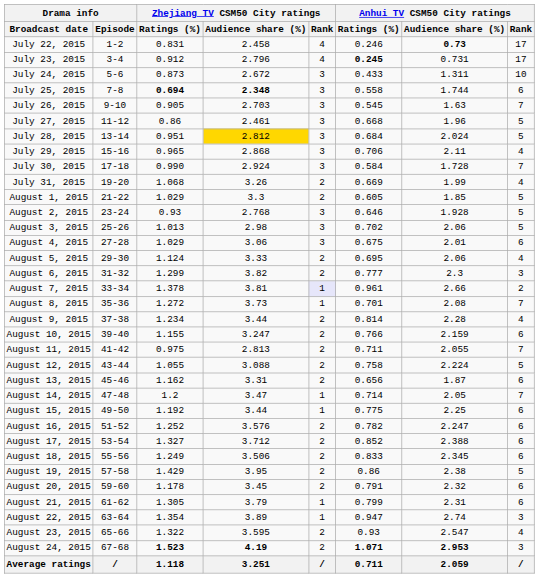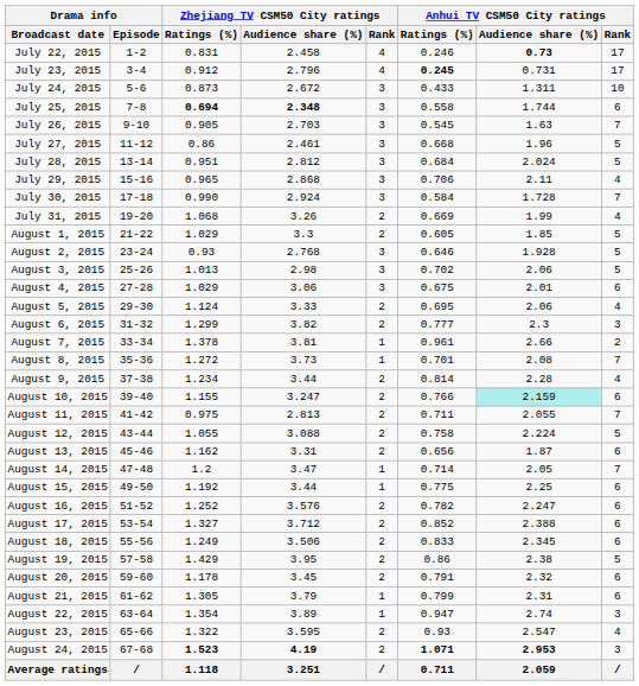 <table class="wikitable sortable mw-collapsible jquery-tablesorter" style="text-align:center">
 <tr>
 <th colspan="2"><strong>Drama info</strong></th>
 <th colspan="3"><strong><a href='#'>Zhejiang TV</a> CSM50 City ratings</strong></th>
 <th colspan="3"><strong><a href='#'>Anhui TV</a> CSM50 City ratings　</strong></th>
 </tr>
 <tr>
 <th><strong>Broadcast date</strong></th>
 <th><strong>Episode</strong></th>
 <th><strong>Ratings (%)</strong></th>
 <th><strong>Audience share (%)</strong></th>
 <th><strong>Rank</strong></th>
 <th><strong>Ratings (%)</strong></th>
 <th><strong>Audience share (%)</strong></th>
 <th><strong>Rank</strong></th>
 </tr>
 <tr>
 <td>July 22, 2015</td>
 <td>1-2</td>
 <td>0.831</td>
 <td>2.458</td>
 <td>4</td>
 <td>0.246</td>
 <td><strong><span>0.73</span></strong></td>
 <td>17</td>
 </tr>
 <tr>
 <td>July 23, 2015</td>
 <td>3-4</td>
 <td>0.912</td>
 <td>2.796</td>
 <td>4</td>
 <td><strong><span>0.245</span></strong></td>
 <td>0.731</td>
 <td>17</td>
 </tr>
 <tr>
 <td>July 24, 2015</td>
 <td>5-6</td>
 <td>0.873</td>
 <td>2.672</td>
 <td>3</td>
 <td>0.433</td>
 <td>1.311</td>
 <td>10</td>
 </tr>
 <tr>
 <td>July 25, 2015</td>
 <td>7-8</td>
 <td><strong><span>0.694</span></strong></td>
 <td><strong><span>2.348</span></strong></td>
 <td>3</td>
 <td>0.558</td>
 <td>1.744</td>
 <td>6</td>
 </tr>
 <tr>
 <td>July 26, 2015</td>
 <td>9-10</td>
 <td>0.905</td>
 <td>2.703</td>
 <td>3</td>
 <td>0.545</td>
 <td>1.63</td>
 <td>7</td>
 </tr>
 <tr>
 <td>July 27, 2015</td>
 <td>11-12</td>
 <td>0.86</td>
 <td>2.461</td>
 <td>3</td>
 <td>0.668</td>
 <td>1.96</td>
 <td>5</td>
 </tr>
 <tr>
 <td>July 28, 2015</td>
 <td>13-14</td>
 <td>0.951</td>
-<td style="background: gold;">2.812</td>
+<td>2.812</td>
 <td>3</td>
 <td>0.684</td>
 <td>2.024</td>
 <td>5</td>
 </tr>
 <tr>
 <td>July 29, 2015</td>
 <td>15-16</td>
 <td>0.965</td>
 <td>2.868</td>
 <td>3</td>
 <td>0.706</td>
 <td>2.11</td>
 <td>4</td>
 </tr>
 <tr>
 <td>July 30, 2015</td>
 <td>17-18</td>
 <td>0.990</td>
 <td>2.924</td>
 <td>3</td>
 <td>0.584</td>
 <td>1.728</td>
 <td>7</td>
 </tr>
 <tr>
 <td>July 31, 2015</td>
 <td>19-20</td>
 <td>1.068</td>
 <td>3.26</td>
 <td>2</td>
 <td>0.669</td>
 <td>1.99</td>
 <td>4</td>
 </tr>
 <tr>
 <td>August 1, 2015</td>
 <td>21-22</td>
 <td>1.029</td>
 <td>3.3</td>
 <td>2</td>
 <td>0.605</td>
 <td>1.85</td>
 <td>5</td>
 </tr>
 <tr>
 <td>August 2, 2015</td>
 <td>23-24</td>
 <td>0.93</td>
 <td>2.768</td>
 <td>3</td>
 <td>0.646</td>
 <td>1.928</td>
 <td>5</td>
 </tr>
 <tr>
 <td>August 3, 2015</td>
 <td>25-26</td>
 <td>1.013</td>
 <td>2.98</td>
 <td>3</td>
 <td>0.702</td>
 <td>2.06</td>
 <td>5</td>
 </tr>
 <tr>
 <td>August 4, 2015</td>
 <td>27-28</td>
 <td>1.029</td>
 <td>3.06</td>
 <td>3</td>
 <td>0.675</td>
 <td>2.01</td>
 <td>6</td>
 </tr>
 <tr>
 <td>August 5, 2015</td>
 <td>29-30</td>
 <td>1.124</td>
 <td>3.33</td>
 <td>2</td>
 <td>0.695</td>
 <td>2.06</td>
 <td>4</td>
 </tr>
 <tr>
 <td>August 6, 2015</td>
 <td>31-32</td>
 <td>1.299</td>
 <td>3.82</td>
 <td>2</td>
 <td>0.777</td>
 <td>2.3</td>
 <td>3</td>
 </tr>
 <tr>
 <td>August 7, 2015</td>
 <td>33-34</td>
 <td>1.378</td>
 <td>3.81</td>
-<td style="background: lavender;">1</td>
+<td>1</td>
 <td>0.961</td>
 <td>2.66</td>
 <td>2</td>
 </tr>
 <tr>
 <td>August 8, 2015</td>
 <td>35-36</td>
 <td>1.272</td>
 <td>3.73</td>
 <td>1</td>
 <td>0.701</td>
 <td>2.08</td>
 <td>7</td>
 </tr>
 <tr>
 <td>August 9, 2015</td>
 <td>37-38</td>
 <td>1.234</td>
 <td>3.44</td>
 <td>2</td>
 <td>0.814</td>
 <td>2.28</td>
 <td>4</td>
 </tr>
 <tr>
 <td>August 10, 2015</td>
 <td>39-40</td>
 <td>1.155</td>
 <td>3.247</td>
 <td>2</td>
 <td>0.766</td>
-<td>2.159</td>
+<td style="background: paleturquoise;">2.159</td>
 <td>6</td>
 </tr>
 <tr>
 <td>August 11, 2015</td>
 <td>41-42</td>
 <td>0.975</td>
 <td>2.813</td>
 <td>2</td>
 <td>0.711</td>
 <td>2.055</td>
 <td>7</td>
 </tr>
 <tr>
 <td>August 12, 2015</td>
 <td>43-44</td>
 <td>1.055</td>
 <td>3.088</td>
 <td>2</td>
 <td>0.758</td>
 <td>2.224</td>
 <td>5</td>
 </tr>
 <tr>
 <td>August 13, 2015</td>
 <td>45-46</td>
 <td>1.162</td>
 <td>3.31</td>
 <td>2</td>
 <td>0.656</td>
 <td>1.87</td>
 <td>6</td>
 </tr>
 <tr>
 <td>August 14, 2015</td>
 <td>47-48</td>
 <td>1.2</td>
 <td>3.47</td>
 <td>1</td>
 <td>0.714</td>
 <td>2.05</td>
 <td>7</td>
 </tr>
 <tr>
 <td>August 15, 2015</td>
 <td>49-50</td>
 <td>1.192</td>
 <td>3.44</td>
 <td>1</td>
 <td>0.775</td>
 <td>2.25</td>
 <td>6</td>
 </tr>
 <tr>
 <td>August 16, 2015</td>
 <td>51-52</td>
 <td>1.252</td>
 <td>3.576</td>
 <td>2</td>
 <td>0.782</td>
 <td>2.247</td>
 <td>6</td>
 </tr>
 <tr>
 <td>August 17, 2015</td>
 <td>53-54</td>
 <td>1.327</td>
 <td>3.712</td>
 <td>2</td>
 <td>0.852</td>
 <td>2.388</td>
 <td>6</td>
 </tr>
 <tr>
 <td>August 18, 2015</td>
 <td>55-56</td>
 <td>1.249</td>
 <td>3.506</td>
 <td>2</td>
 <td>0.833</td>
 <td>2.345</td>
 <td>6</td>
 </tr>
 <tr>
 <td>August 19, 2015</td>
 <td>57-58</td>
 <td>1.429</td>
 <td>3.95</td>
 <td>2</td>
 <td>0.86</td>
 <td>2.38</td>
 <td>5</td>
 </tr>
 <tr>
 <td>August 20, 2015</td>
 <td>59-60</td>
 <td>1.178</td>
 <td>3.45</td>
 <td>2</td>
 <td>0.791</td>
 <td>2.32</td>
 <td>6</td>
 </tr>
 <tr>
 <td>August 21, 2015</td>
 <td>61-62</td>
 <td>1.305</td>
 <td>3.79</td>
 <td>1</td>
 <td>0.799</td>
 <td>2.31</td>
 <td>6</td>
 </tr>
 <tr>
 <td>August 22, 2015</td>
 <td>63-64</td>
 <td>1.354</td>
 <td>3.89</td>
 <td>1</td>
 <td>0.947</td>
 <td>2.74</td>
 <td>3</td>
 </tr>
 <tr>
 <td>August 23, 2015</td>
 <td>65-66</td>
 <td>1.322</td>
 <td>3.595</td>
 <td>2</td>
 <td>0.93</td>
 <td>2.547</td>
 <td>4</td>
 </tr>
 <tr>
 <td>August 24, 2015</td>
 <td>67-68</td>
 <td><strong><span>1.523</span></strong></td>
 <td><strong><span>4.19</span></strong></td>
 <td>2</td>
 <td><strong><span>1.071</span></strong></td>
 <td><strong><span>2.953</span></strong></td>
 <td>3</td>
 </tr>
 <tr>
 <th><strong>Average ratings</strong></th>
 <th><strong>/</strong></th>
 <th><strong>1.118　</strong></th>
 <th><strong>3.251　</strong></th>
 <th><strong>/</strong></th>
 <th><strong>0.711</strong></th>
 <th><strong>2.059</strong></th>
 <th><strong>/</strong></th>
 </tr>
 </table>
